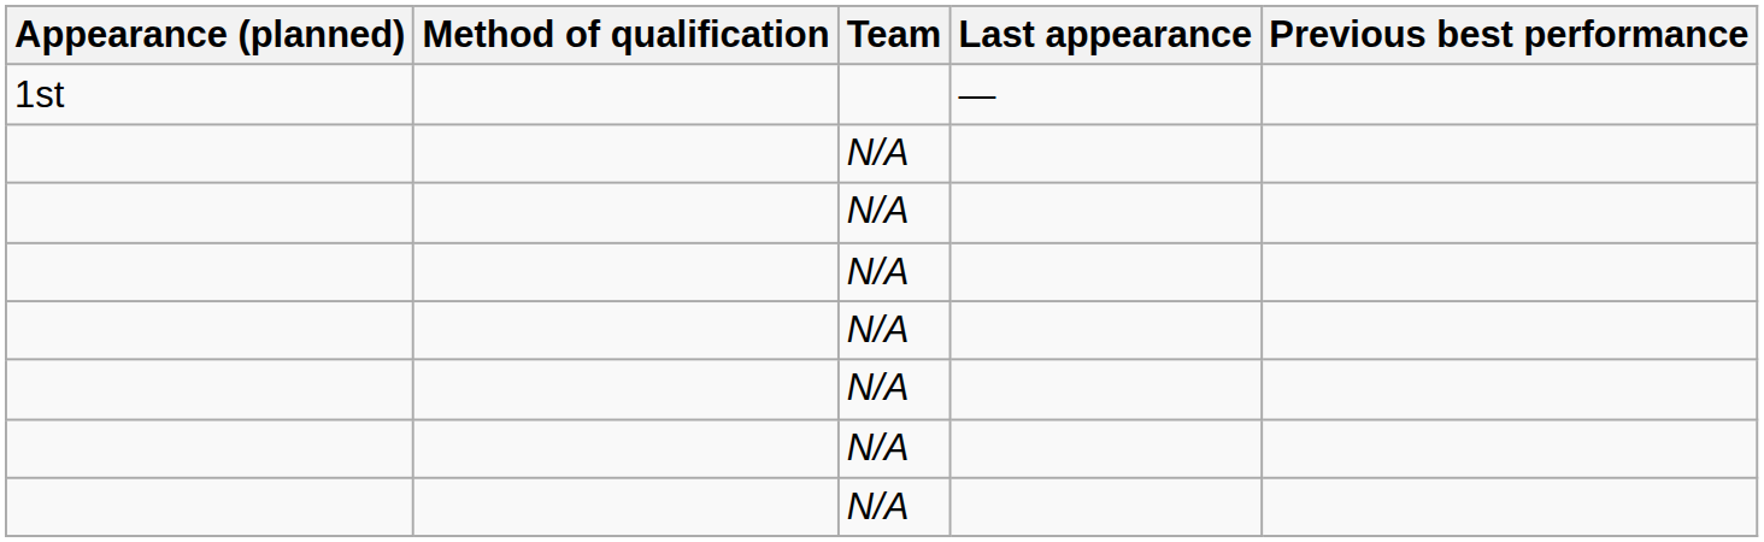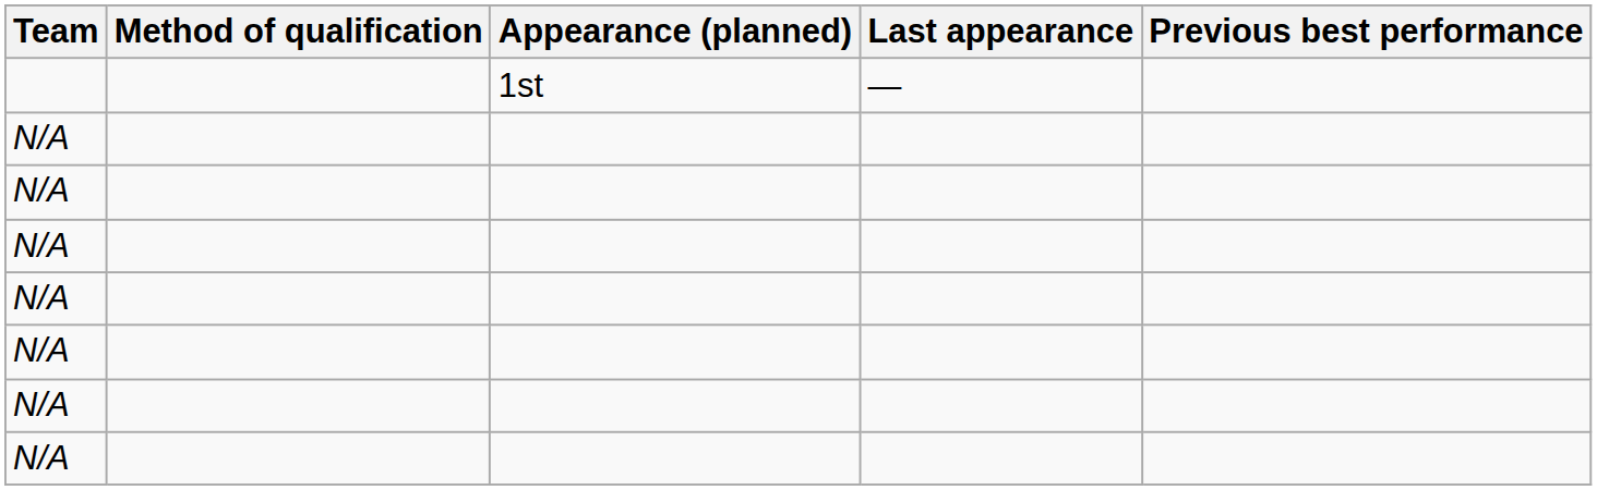 <table class="wikitable sortable">
 <tr>
+<th>Team</th>
+<th>Method of qualification</th>
 <th data-sort-type="number">Appearance (planned)</th>
-<th>Method of qualification</th>
-<th>Team</th>
 <th>Last appearance</th>
 <th>Previous best performance</th>
 </tr>
 <tr>
-<td>1st</td>
 <td></td>
 <td></td>
+<td>1st</td>
 <td>—</td>
 <td></td>
 </tr>
 <tr>
+<td><em>N/A</em></td>
 <td></td>
 <td></td>
-<td><em>N/A</em></td>
 <td></td>
 <td></td>
 </tr>
 <tr>
+<td><em>N/A</em></td>
 <td></td>
 <td></td>
-<td><em>N/A</em></td>
 <td></td>
 <td></td>
 </tr>
 <tr>
+<td><em>N/A</em></td>
 <td></td>
 <td></td>
-<td><em>N/A</em></td>
 <td></td>
 <td></td>
 </tr>
 <tr>
+<td><em>N/A</em></td>
 <td></td>
 <td></td>
-<td><em>N/A</em></td>
 <td></td>
 <td></td>
 </tr>
 <tr>
+<td><em>N/A</em></td>
 <td></td>
 <td></td>
-<td><em>N/A</em></td>
 <td></td>
 <td></td>
 </tr>
 <tr>
+<td><em>N/A</em></td>
 <td></td>
 <td></td>
-<td><em>N/A</em></td>
 <td></td>
 <td></td>
 </tr>
 <tr>
+<td><em>N/A</em></td>
 <td></td>
 <td></td>
-<td><em>N/A</em></td>
 <td></td>
 <td></td>
 </tr>
 </table>
